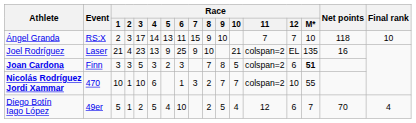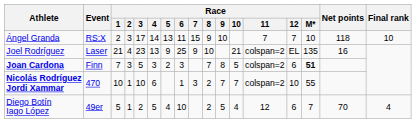 <table class="wikitable" style="font-size:90%">
 <tr>
 <th rowspan="2">Athlete</th>
 <th rowspan="2">Event</th>
 <th colspan=13>Race</th>
 <th rowspan=2>Net points</th>
 <th rowspan=2>Final rank</th>
 </tr>
 <tr style="font-size:95%">
 <th>1</th>
 <th>2</th>
 <th>3</th>
 <th>4</th>
 <th>5</th>
 <th>6</th>
 <th>7</th>
 <th>8</th>
 <th>9</th>
 <th>10</th>
 <th>11</th>
 <th>12</th>
 <th>M*</th>
 </tr>
 <tr align=center>
 <td align=left><a href='#'>Ángel Granda</a></td>
 <td align=left><a href='#'>RS:X</a></td>
 <td>2</td>
 <td>3</td>
 <td>17</td>
 <td>14</td>
 <td>13</td>
 <td>11</td>
 <td>15</td>
 <td>9</td>
 <td>10</td>
 <td></td>
 <td>7</td>
 <td>7</td>
 <td>10</td>
 <td>118</td>
 <td>10</td>
 </tr>
 <tr align=center>
 <td align=left><a href='#'>Joel Rodríguez</a></td>
 <td align=left><a href='#'>Laser</a></td>
 <td>21</td>
 <td>4</td>
 <td>23</td>
 <td>13</td>
 <td>9</td>
 <td>25</td>
 <td>9</td>
 <td>10</td>
 <td></td>
 <td>21</td>
 <td>colspan=2 </td>
 <td>EL</td>
 <td>135</td>
 <td>16</td>
 </tr>
 <tr align=center>
 <td align=left><strong><a href='#'>Joan Cardona</a></strong></td>
 <td align=left><a href='#'>Finn</a></td>
-<td>3</td>
+<td>7</td>
 <td>3</td>
 <td>5</td>
 <td>3</td>
 <td>2</td>
 <td>3</td>
 <td></td>
 <td>7</td>
 <td>8</td>
 <td>5</td>
 <td>colspan=2 </td>
 <td>6</td>
 <td><strong>51</strong></td>
 <td></td>
 </tr>
 <tr align=center>
 <td align=left><strong><a href='#'>Nicolás Rodríguez</a><br><a href='#'>Jordi Xammar</a></strong></td>
 <td align=left><a href='#'>470</a></td>
 <td>10</td>
 <td>1</td>
 <td>10</td>
 <td>6</td>
 <td></td>
 <td>1</td>
 <td>3</td>
 <td>2</td>
 <td>7</td>
 <td>7</td>
 <td>colspan=2 </td>
 <td>10</td>
 <td>55</td>
 <td></td>
 </tr>
 <tr align=center>
 <td align=left><a href='#'>Diego Botín</a><br><a href='#'>Iago López</a></td>
 <td align=left><a href='#'>49er</a></td>
 <td>5</td>
 <td>1</td>
 <td>2</td>
 <td>5</td>
 <td>4</td>
 <td>10</td>
 <td></td>
 <td>2</td>
 <td>5</td>
 <td>4</td>
 <td>12</td>
 <td>6</td>
 <td>7</td>
 <td>70</td>
 <td>4</td>
 </tr>
 </table>
